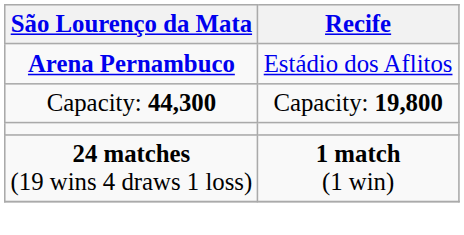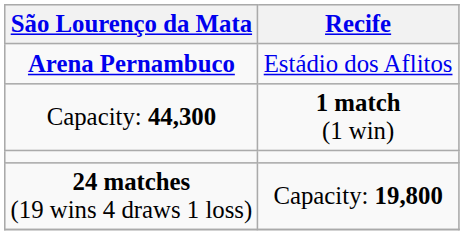 <table class="wikitable" style="text-align:center">
 <tr>
 <th><a href='#'>São Lourenço da Mata</a></th>
 <th><a href='#'>Recife</a></th>
 </tr>
 <tr>
 <td><strong><a href='#'>Arena Pernambuco</a></strong></td>
 <td><a href='#'>Estádio dos Aflitos</a></td>
 </tr>
 <tr>
 <td>Capacity: <strong>44,300</strong></td>
-<td>Capacity: <strong>19,800</strong></td>
+<td><strong>1 match</strong><br>(1 win)</td>
 </tr>
 <tr>
 <td></td>
 <td></td>
 </tr>
 <tr>
 <td><strong>24 matches</strong><br>(19 wins 4 draws 1 loss)</td>
-<td><strong>1 match</strong><br>(1 win)</td>
+<td>Capacity: <strong>19,800</strong></td>
 </tr>
 <tr>
 </tr>
 </table>
